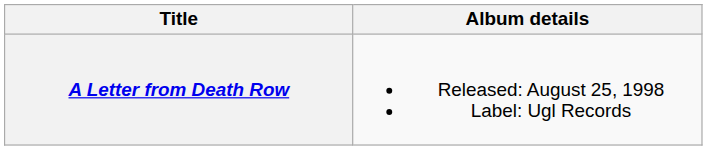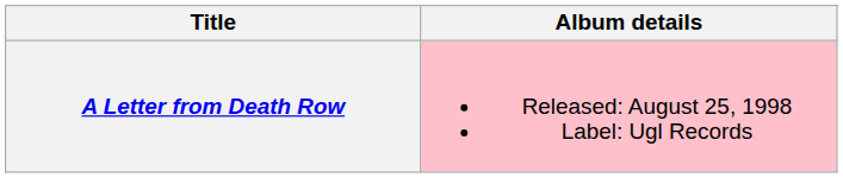 <table class="wikitable plainrowheaders" style="text-align:center;">
 <tr>
 <th style="width:18em;">Title</th>
 <th style="width:18em;">Album details</th>
 </tr>
 <tr>
 <th scope="row"><em><a href='#'>A Letter from Death Row</a></em></th>
-<td><br><ul><li>Released: August 25, 1998</li><li>Label: Ugl Records</li></ul></td>
+<td style="background: pink;"><br><ul><li>Released: August 25, 1998</li><li>Label: Ugl Records</li></ul></td>
 </tr>
 </table>
